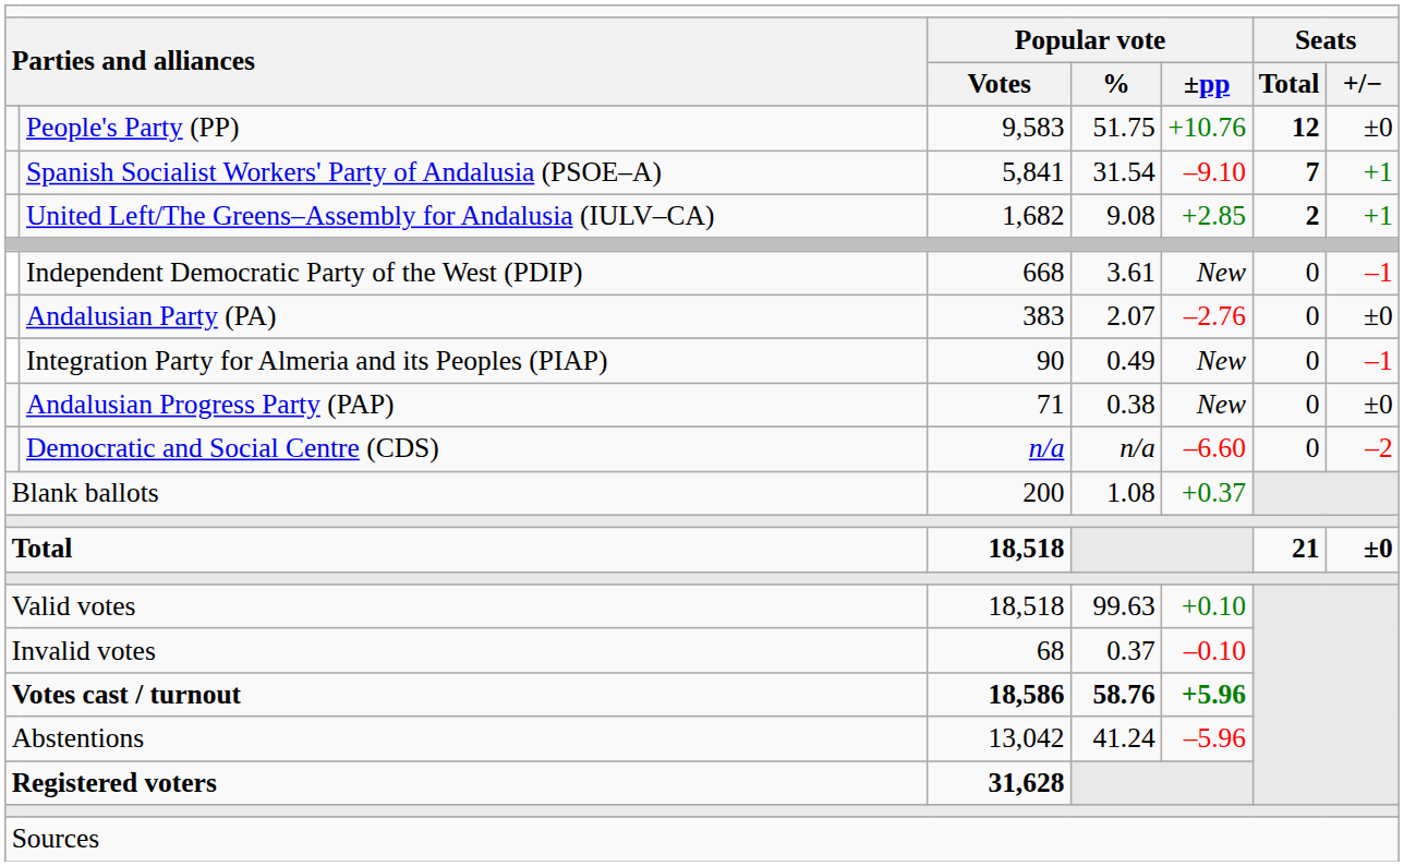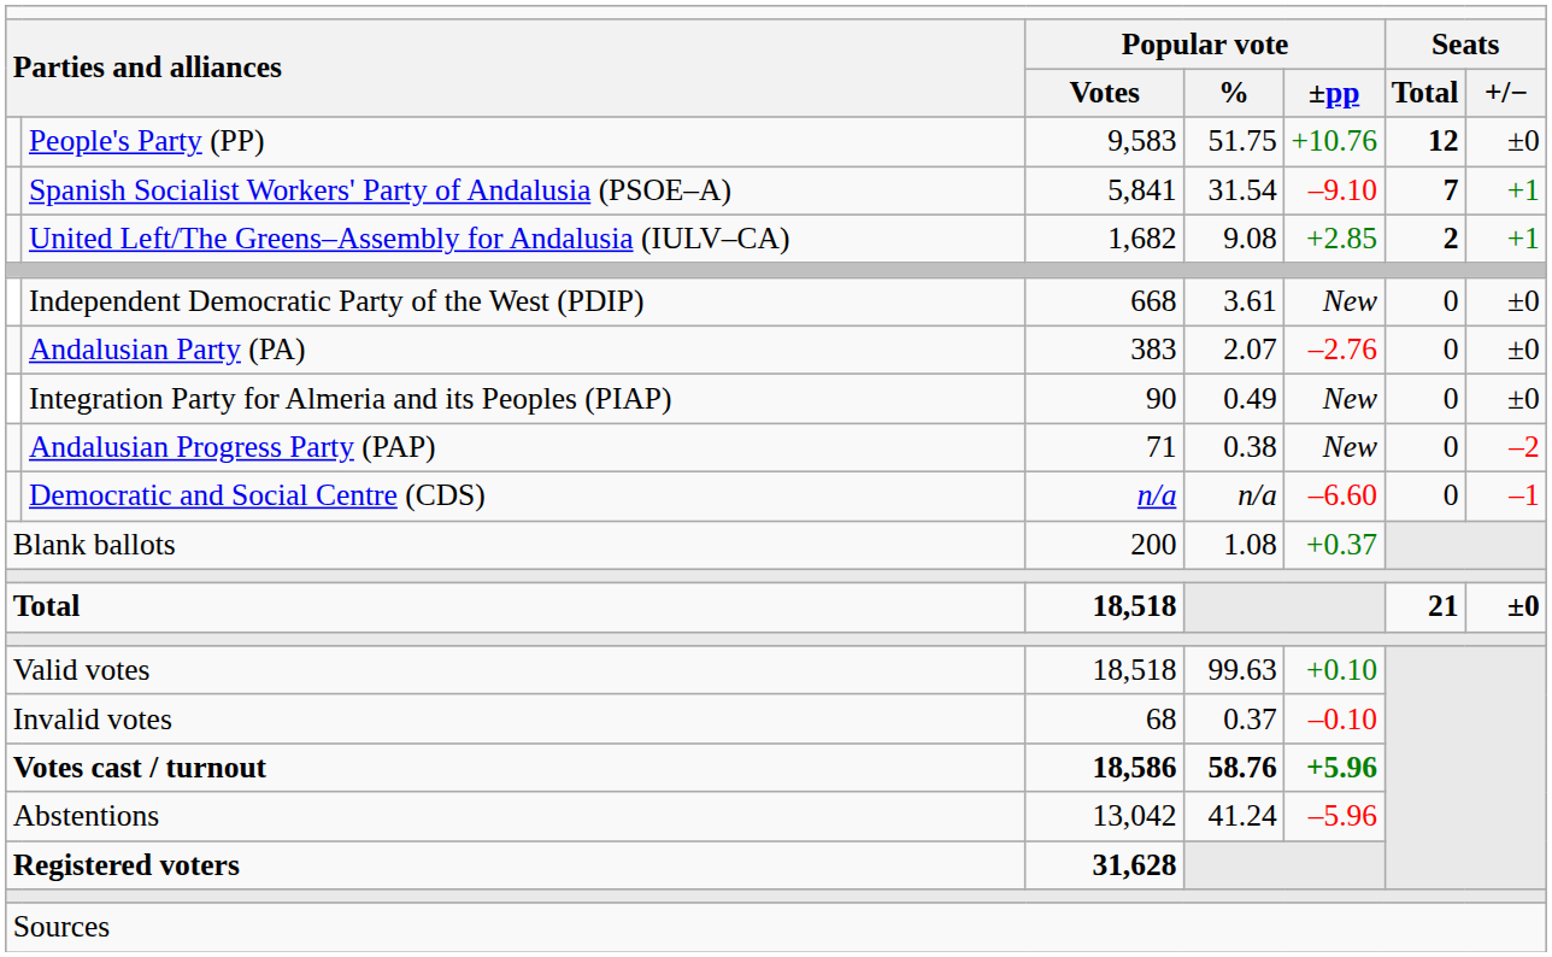 <table class="wikitable" style="text-align:right;">
 <tr>
 <td colspan="7"></td>
 </tr>
 <tr>
 <th style="text-align:left;" rowspan="2" colspan="2" width="525">Parties and alliances</th>
 <th colspan="3">Popular vote</th>
 <th colspan="2">Seats</th>
 </tr>
 <tr>
 <th width="75">Votes</th>
 <th width="45">%</th>
 <th width="45">±<a href='#'>pp</a></th>
 <th width="35">Total</th>
 <th width="35">+/−</th>
 </tr>
 <tr>
 <td width="1" style="color:inherit;background:"></td>
 <td align="left"><a href='#'>People's Party</a> (PP)</td>
 <td>9,583</td>
 <td>51.75</td>
 <td style="color:green;">+10.76</td>
 <td><strong>12</strong></td>
 <td>±0</td>
 </tr>
 <tr>
 <td style="color:inherit;background:"></td>
 <td align="left"><a href='#'>Spanish Socialist Workers' Party of Andalusia</a> (PSOE–A)</td>
 <td>5,841</td>
 <td>31.54</td>
 <td style="color:red;">–9.10</td>
 <td><strong>7</strong></td>
 <td style="color:green;">+1</td>
 </tr>
 <tr>
 <td style="color:inherit;background:"></td>
 <td align="left"><a href='#'>United Left/The Greens–Assembly for Andalusia</a> (IULV–CA)</td>
 <td>1,682</td>
 <td>9.08</td>
 <td style="color:green;">+2.85</td>
 <td><strong>2</strong></td>
 <td style="color:green;">+1</td>
 </tr>
 <tr>
 <td colspan="7" bgcolor="#C0C0C0"></td>
 </tr>
 <tr>
 <td bgcolor="white"></td>
 <td align="left">Independent Democratic Party of the West (PDIP)</td>
 <td>668</td>
 <td>3.61</td>
 <td><em>New</em></td>
 <td>0</td>
-<td style="color:red;">–1</td>
+<td>±0</td>
 </tr>
 <tr>
 <td style="color:inherit;background:"></td>
 <td align="left"><a href='#'>Andalusian Party</a> (PA)</td>
 <td>383</td>
 <td>2.07</td>
 <td style="color:red;">–2.76</td>
 <td>0</td>
 <td>±0</td>
 </tr>
 <tr>
 <td bgcolor="white"></td>
 <td align="left">Integration Party for Almeria and its Peoples (PIAP)</td>
 <td>90</td>
 <td>0.49</td>
 <td><em>New</em></td>
 <td>0</td>
-<td style="color:red;">–1</td>
+<td>±0</td>
 </tr>
 <tr>
 <td style="color:inherit;background:"></td>
 <td align="left"><a href='#'>Andalusian Progress Party</a> (PAP)</td>
 <td>71</td>
 <td>0.38</td>
 <td><em>New</em></td>
 <td>0</td>
-<td>±0</td>
+<td style="color:red;">–2</td>
 </tr>
 <tr>
 <td style="color:inherit;background:"></td>
 <td align="left"><a href='#'>Democratic and Social Centre</a> (CDS)</td>
 <td><em><a href='#'>n/a</a></em></td>
 <td><em>n/a</em></td>
 <td style="color:red;">–6.60</td>
 <td>0</td>
-<td style="color:red;">–2</td>
+<td style="color:red;">–1</td>
 </tr>
 <tr>
 <td align="left" colspan="2">Blank ballots</td>
 <td>200</td>
 <td>1.08</td>
 <td style="color:green;">+0.37</td>
 <td bgcolor="#E9E9E9" colspan="2"></td>
 </tr>
 <tr>
 <td colspan="7" bgcolor="#E9E9E9"></td>
 </tr>
 <tr style="font-weight:bold;">
 <td align="left" colspan="2">Total</td>
 <td>18,518</td>
 <td bgcolor="#E9E9E9" colspan="2"></td>
 <td>21</td>
 <td>±0</td>
 </tr>
 <tr>
 <td colspan="7" bgcolor="#E9E9E9"></td>
 </tr>
 <tr>
 <td align="left" colspan="2">Valid votes</td>
 <td>18,518</td>
 <td>99.63</td>
 <td style="color:green;">+0.10</td>
 <td bgcolor="#E9E9E9" colspan="2" rowspan="5"></td>
 </tr>
 <tr>
 <td align="left" colspan="2">Invalid votes</td>
 <td>68</td>
 <td>0.37</td>
 <td style="color:red;">–0.10</td>
 </tr>
 <tr style="font-weight:bold;">
 <td align="left" colspan="2">Votes cast / turnout</td>
 <td>18,586</td>
 <td>58.76</td>
 <td style="color:green;">+5.96</td>
 </tr>
 <tr>
 <td align="left" colspan="2">Abstentions</td>
 <td>13,042</td>
 <td>41.24</td>
 <td style="color:red;">–5.96</td>
 </tr>
 <tr style="font-weight:bold;">
 <td align="left" colspan="2">Registered voters</td>
 <td>31,628</td>
 <td bgcolor="#E9E9E9" colspan="2"></td>
 </tr>
 <tr>
 <td colspan="7" bgcolor="#E9E9E9"></td>
 </tr>
 <tr>
 <td align="left" colspan="7">Sources</td>
 </tr>
 </table>
